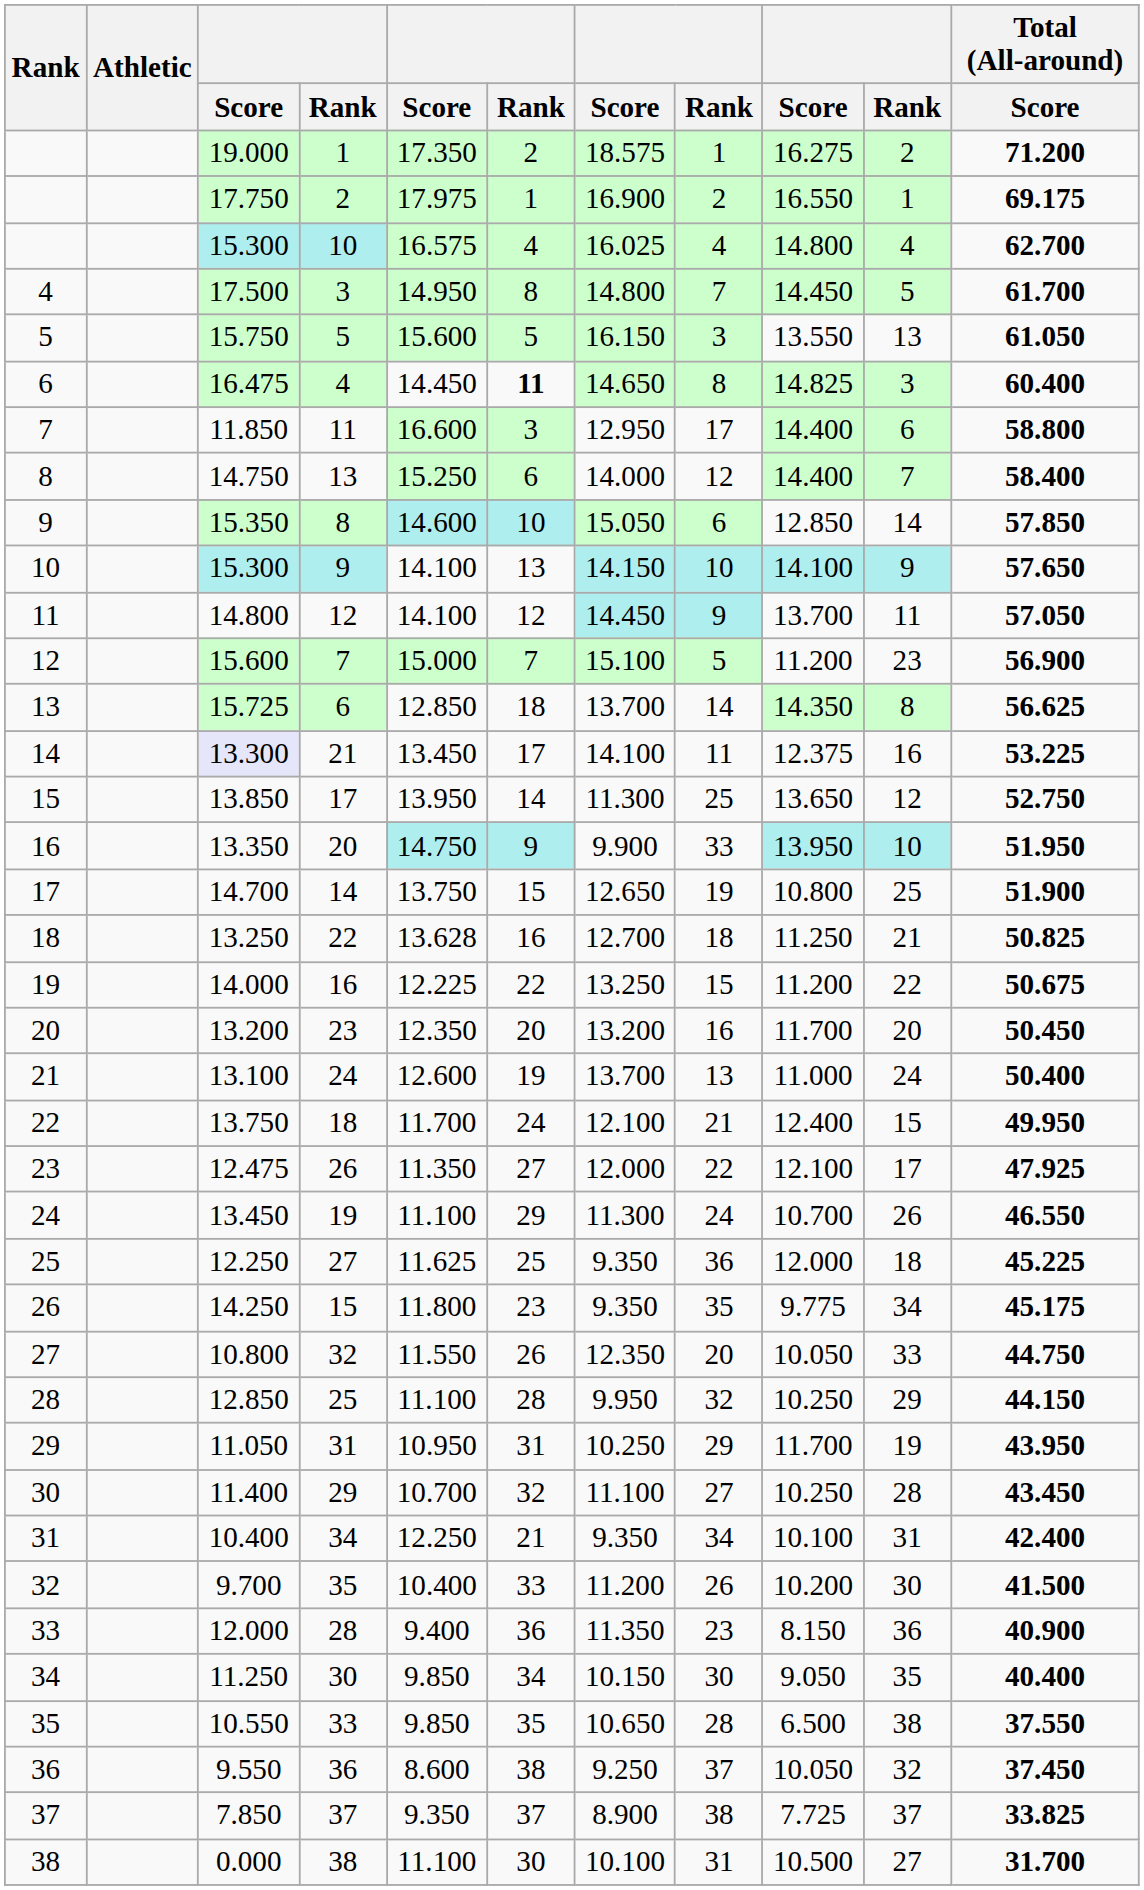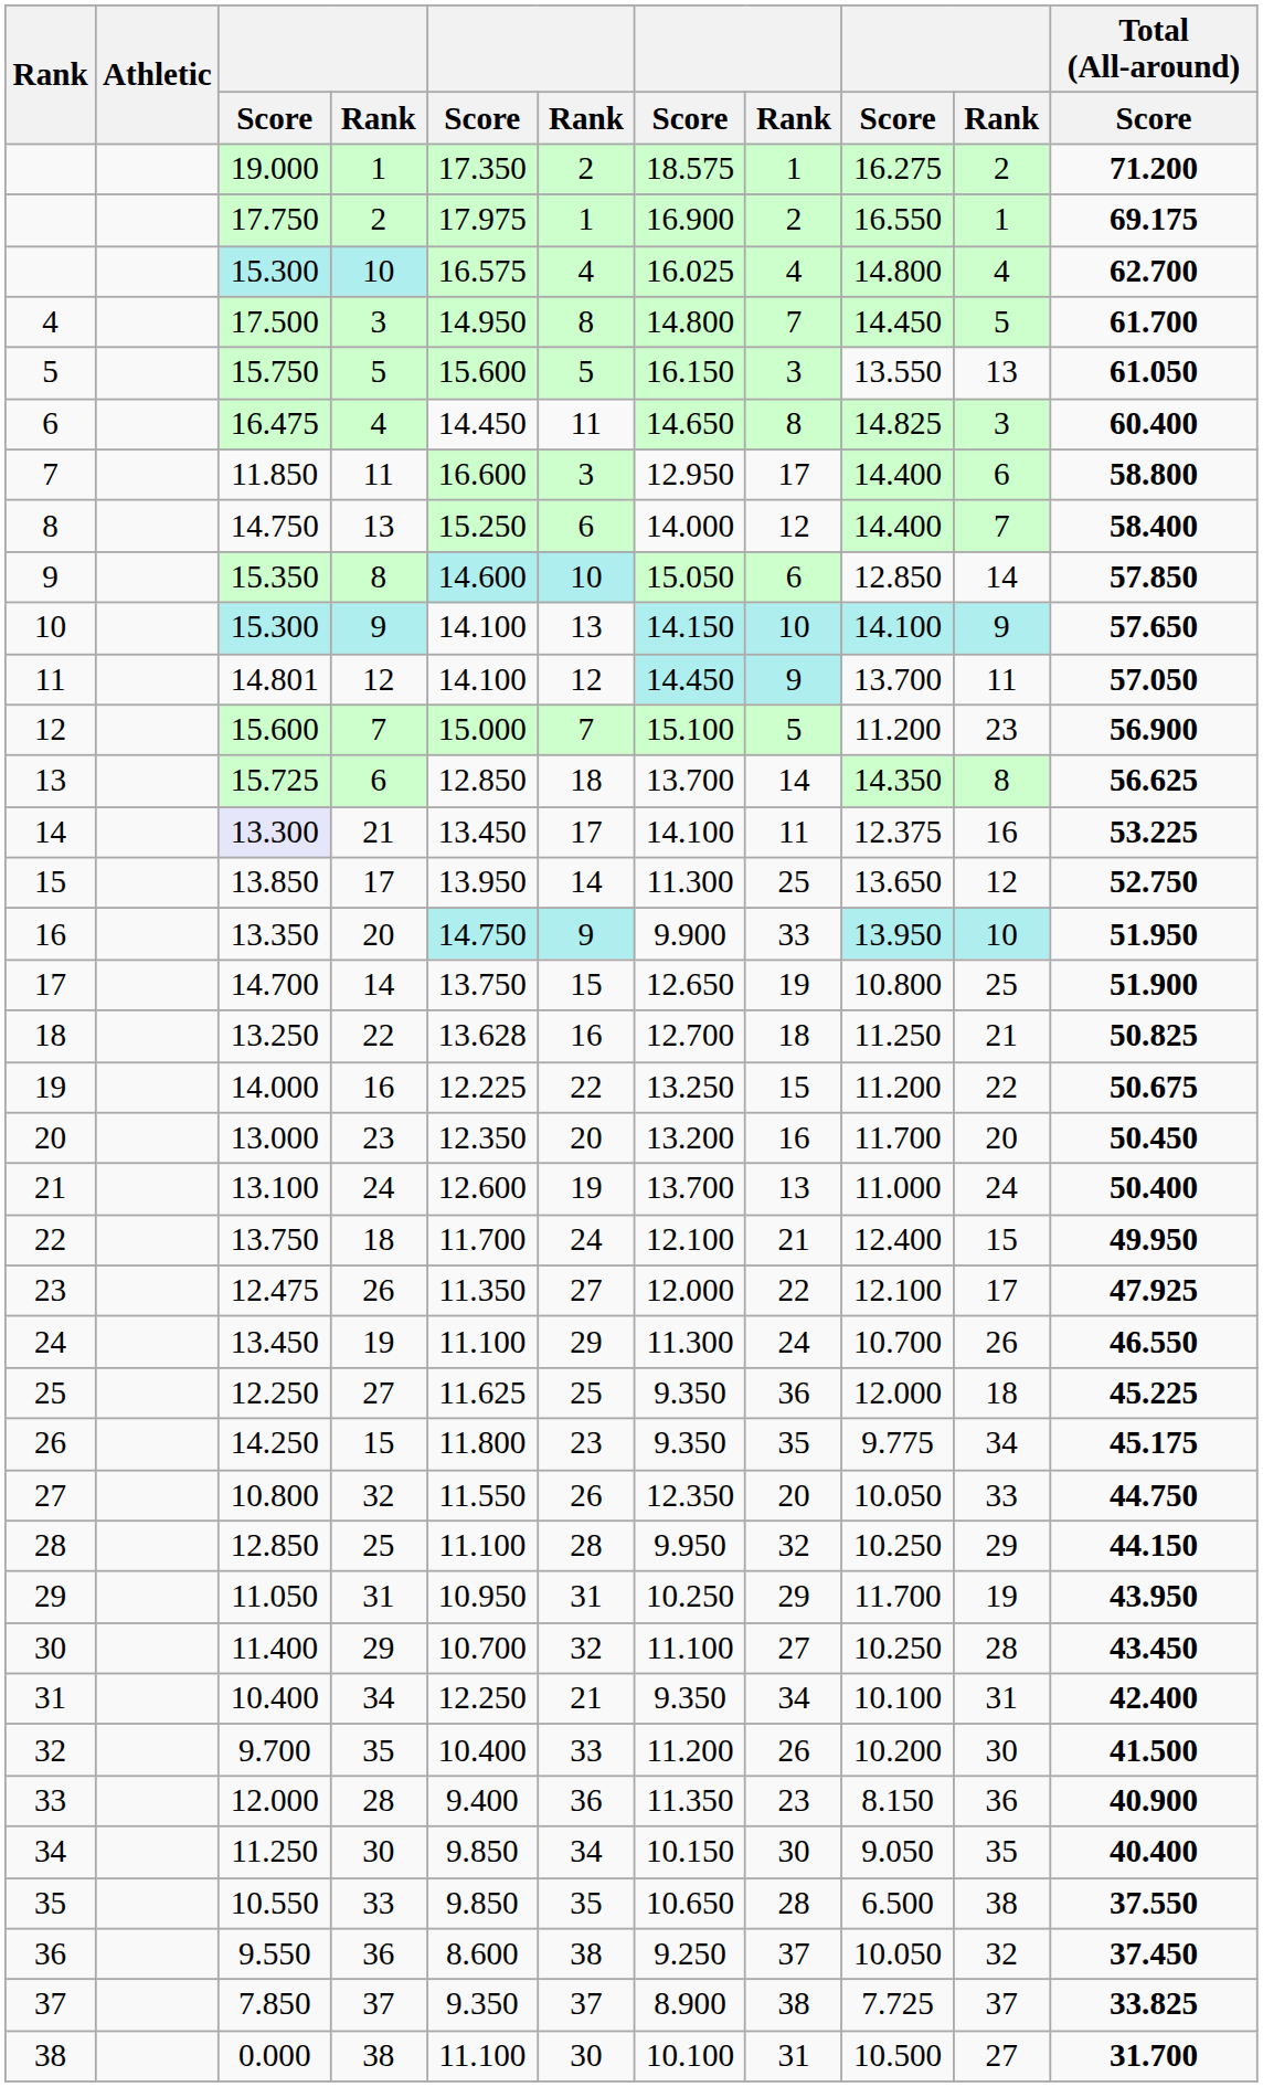 <table class="wikitable" style="text-align:center">
 <tr>
 <th rowspan="2">Rank</th>
 <th rowspan="2">Athletic</th>
 <th style="width:6em" colspan=2></th>
 <th style="width:6em" colspan=2></th>
 <th style="width:6em" colspan=2></th>
 <th style="width:6em" colspan=2></th>
 <th style="width:6em" colspan=2>Total<br>(All-around)</th>
 </tr>
 <tr>
 <th>Score</th>
 <th>Rank</th>
 <th>Score</th>
 <th>Rank</th>
 <th>Score</th>
 <th>Rank</th>
 <th>Score</th>
 <th>Rank</th>
 <th>Score</th>
 </tr>
 <tr>
 <td></td>
 <td align="left"></td>
 <td bgcolor="#ccffcc">19.000</td>
 <td bgcolor="#ccffcc">1</td>
 <td bgcolor="#ccffcc">17.350</td>
 <td bgcolor="#ccffcc">2</td>
 <td bgcolor="#ccffcc">18.575</td>
 <td bgcolor="#ccffcc">1</td>
 <td bgcolor="#ccffcc">16.275</td>
 <td bgcolor="#ccffcc">2</td>
 <td><strong>71.200</strong></td>
 </tr>
 <tr>
 <td></td>
 <td align="left"></td>
 <td bgcolor="#ccffcc">17.750</td>
 <td bgcolor="#ccffcc">2</td>
 <td bgcolor="#ccffcc">17.975</td>
 <td bgcolor="#ccffcc">1</td>
 <td bgcolor="#ccffcc">16.900</td>
 <td bgcolor="#ccffcc">2</td>
 <td bgcolor="#ccffcc">16.550</td>
 <td bgcolor="#ccffcc">1</td>
 <td><strong>69.175</strong></td>
 </tr>
 <tr>
 <td></td>
 <td align="left"></td>
 <td bgcolor="#afeeee">15.300</td>
 <td bgcolor="#afeeee">10</td>
 <td bgcolor="#ccffcc">16.575</td>
 <td bgcolor="#ccffcc">4</td>
 <td bgcolor="#ccffcc">16.025</td>
 <td bgcolor="#ccffcc">4</td>
 <td bgcolor="#ccffcc">14.800</td>
 <td bgcolor="#ccffcc">4</td>
 <td><strong>62.700</strong></td>
 </tr>
 <tr>
 <td>4</td>
 <td align="left"></td>
 <td bgcolor="#ccffcc">17.500</td>
 <td bgcolor="#ccffcc">3</td>
 <td bgcolor="#ccffcc">14.950</td>
 <td bgcolor="#ccffcc">8</td>
 <td bgcolor="#ccffcc">14.800</td>
 <td bgcolor="#ccffcc">7</td>
 <td bgcolor="#ccffcc">14.450</td>
 <td bgcolor="#ccffcc">5</td>
 <td><strong>61.700</strong></td>
 </tr>
 <tr>
 <td>5</td>
 <td align="left"></td>
 <td bgcolor="#ccffcc">15.750</td>
 <td bgcolor="#ccffcc">5</td>
 <td bgcolor="#ccffcc">15.600</td>
 <td bgcolor="#ccffcc">5</td>
 <td bgcolor="#ccffcc">16.150</td>
 <td bgcolor="#ccffcc">3</td>
 <td>13.550</td>
 <td>13</td>
 <td><strong>61.050</strong></td>
 </tr>
 <tr>
 <td>6</td>
 <td align="left"></td>
 <td bgcolor="#ccffcc">16.475</td>
 <td bgcolor="#ccffcc">4</td>
 <td>14.450</td>
-<td><strong>11</strong></td>
+<td>11</td>
 <td bgcolor="#ccffcc">14.650</td>
 <td bgcolor="#ccffcc">8</td>
 <td bgcolor="#ccffcc">14.825</td>
 <td bgcolor="#ccffcc">3</td>
 <td><strong>60.400</strong></td>
 </tr>
 <tr>
 <td>7</td>
 <td align="left"></td>
 <td>11.850</td>
 <td>11</td>
 <td bgcolor="#ccffcc">16.600</td>
 <td bgcolor="#ccffcc">3</td>
 <td>12.950</td>
 <td>17</td>
 <td bgcolor="#ccffcc">14.400</td>
 <td bgcolor="#ccffcc">6</td>
 <td><strong>58.800</strong></td>
 </tr>
 <tr>
 <td>8</td>
 <td align="left"></td>
 <td>14.750</td>
 <td>13</td>
 <td bgcolor="#ccffcc">15.250</td>
 <td bgcolor="#ccffcc">6</td>
 <td>14.000</td>
 <td>12</td>
 <td bgcolor="#ccffcc">14.400</td>
 <td bgcolor="#ccffcc">7</td>
 <td><strong>58.400</strong></td>
 </tr>
 <tr>
 <td>9</td>
 <td align="left"></td>
 <td bgcolor="#ccffcc">15.350</td>
 <td bgcolor="#ccffcc">8</td>
 <td bgcolor="#afeeee">14.600</td>
 <td bgcolor="#afeeee">10</td>
 <td bgcolor="#ccffcc">15.050</td>
 <td bgcolor="#ccffcc">6</td>
 <td>12.850</td>
 <td>14</td>
 <td><strong>57.850</strong></td>
 </tr>
 <tr>
 <td>10</td>
 <td align="left"></td>
 <td bgcolor="#afeeee">15.300</td>
 <td bgcolor="#afeeee">9</td>
 <td>14.100</td>
 <td>13</td>
 <td bgcolor="#afeeee">14.150</td>
 <td bgcolor="#afeeee">10</td>
 <td bgcolor="#afeeee">14.100</td>
 <td bgcolor="#afeeee">9</td>
 <td><strong>57.650</strong></td>
 </tr>
 <tr>
 <td>11</td>
 <td align="left"></td>
-<td>14.800</td>
+<td>14.801</td>
 <td>12</td>
 <td>14.100</td>
 <td>12</td>
 <td bgcolor="#afeeee">14.450</td>
 <td bgcolor="#afeeee">9</td>
 <td>13.700</td>
 <td>11</td>
 <td><strong>57.050</strong></td>
 </tr>
 <tr>
 <td>12</td>
 <td align="left"></td>
 <td bgcolor="#ccffcc">15.600</td>
 <td bgcolor="#ccffcc">7</td>
 <td bgcolor="#ccffcc">15.000</td>
 <td bgcolor="#ccffcc">7</td>
 <td bgcolor="#ccffcc">15.100</td>
 <td bgcolor="#ccffcc">5</td>
 <td>11.200</td>
 <td>23</td>
 <td><strong>56.900</strong></td>
 </tr>
 <tr>
 <td>13</td>
 <td align="left"></td>
 <td bgcolor="#ccffcc">15.725</td>
 <td bgcolor="#ccffcc">6</td>
 <td>12.850</td>
 <td>18</td>
 <td>13.700</td>
 <td>14</td>
 <td bgcolor="#ccffcc">14.350</td>
 <td bgcolor="#ccffcc">8</td>
 <td><strong>56.625</strong></td>
 </tr>
 <tr>
 <td>14</td>
 <td align="left"></td>
 <td style="background: lavender;">13.300</td>
 <td>21</td>
 <td>13.450</td>
 <td>17</td>
 <td>14.100</td>
 <td>11</td>
 <td>12.375</td>
 <td>16</td>
 <td><strong>53.225</strong></td>
 </tr>
 <tr>
 <td>15</td>
 <td align="left"></td>
 <td>13.850</td>
 <td>17</td>
 <td>13.950</td>
 <td>14</td>
 <td>11.300</td>
 <td>25</td>
 <td>13.650</td>
 <td>12</td>
 <td><strong>52.750</strong></td>
 </tr>
 <tr>
 <td>16</td>
 <td align="left"></td>
 <td>13.350</td>
 <td>20</td>
 <td bgcolor="#afeeee">14.750</td>
 <td bgcolor="#afeeee">9</td>
 <td>9.900</td>
 <td>33</td>
 <td bgcolor="#afeeee">13.950</td>
 <td bgcolor="#afeeee">10</td>
 <td><strong>51.950</strong></td>
 </tr>
 <tr>
 <td>17</td>
 <td align="left"></td>
 <td>14.700</td>
 <td>14</td>
 <td>13.750</td>
 <td>15</td>
 <td>12.650</td>
 <td>19</td>
 <td>10.800</td>
 <td>25</td>
 <td><strong>51.900</strong></td>
 </tr>
 <tr>
 <td>18</td>
 <td align="left"></td>
 <td>13.250</td>
 <td>22</td>
 <td>13.628</td>
 <td>16</td>
 <td>12.700</td>
 <td>18</td>
 <td>11.250</td>
 <td>21</td>
 <td><strong>50.825</strong></td>
 </tr>
 <tr>
 <td>19</td>
 <td align="left"></td>
 <td>14.000</td>
 <td>16</td>
 <td>12.225</td>
 <td>22</td>
 <td>13.250</td>
 <td>15</td>
 <td>11.200</td>
 <td>22</td>
 <td><strong>50.675</strong></td>
 </tr>
 <tr>
 <td>20</td>
 <td align="left"></td>
-<td>13.200</td>
+<td>13.000</td>
 <td>23</td>
 <td>12.350</td>
 <td>20</td>
 <td>13.200</td>
 <td>16</td>
 <td>11.700</td>
 <td>20</td>
 <td><strong>50.450</strong></td>
 </tr>
 <tr>
 <td>21</td>
 <td align="left"></td>
 <td>13.100</td>
 <td>24</td>
 <td>12.600</td>
 <td>19</td>
 <td>13.700</td>
 <td>13</td>
 <td>11.000</td>
 <td>24</td>
 <td><strong>50.400</strong></td>
 </tr>
 <tr>
 <td>22</td>
 <td align="left"></td>
 <td>13.750</td>
 <td>18</td>
 <td>11.700</td>
 <td>24</td>
 <td>12.100</td>
 <td>21</td>
 <td>12.400</td>
 <td>15</td>
 <td><strong>49.950</strong></td>
 </tr>
 <tr>
 <td>23</td>
 <td align="left"></td>
 <td>12.475</td>
 <td>26</td>
 <td>11.350</td>
 <td>27</td>
 <td>12.000</td>
 <td>22</td>
 <td>12.100</td>
 <td>17</td>
 <td><strong>47.925</strong></td>
 </tr>
 <tr>
 <td>24</td>
 <td align="left"></td>
 <td>13.450</td>
 <td>19</td>
 <td>11.100</td>
 <td>29</td>
 <td>11.300</td>
 <td>24</td>
 <td>10.700</td>
 <td>26</td>
 <td><strong>46.550</strong></td>
 </tr>
 <tr>
 <td>25</td>
 <td align="left"></td>
 <td>12.250</td>
 <td>27</td>
 <td>11.625</td>
 <td>25</td>
 <td>9.350</td>
 <td>36</td>
 <td>12.000</td>
 <td>18</td>
 <td><strong>45.225</strong></td>
 </tr>
 <tr>
 <td>26</td>
 <td align="left"></td>
 <td>14.250</td>
 <td>15</td>
 <td>11.800</td>
 <td>23</td>
 <td>9.350</td>
 <td>35</td>
 <td>9.775</td>
 <td>34</td>
 <td><strong>45.175</strong></td>
 </tr>
 <tr>
 <td>27</td>
 <td align="left"></td>
 <td>10.800</td>
 <td>32</td>
 <td>11.550</td>
 <td>26</td>
 <td>12.350</td>
 <td>20</td>
 <td>10.050</td>
 <td>33</td>
 <td><strong>44.750</strong></td>
 </tr>
 <tr>
 <td>28</td>
 <td align="left"></td>
 <td>12.850</td>
 <td>25</td>
 <td>11.100</td>
 <td>28</td>
 <td>9.950</td>
 <td>32</td>
 <td>10.250</td>
 <td>29</td>
 <td><strong>44.150</strong></td>
 </tr>
 <tr>
 <td>29</td>
 <td align="left"></td>
 <td>11.050</td>
 <td>31</td>
 <td>10.950</td>
 <td>31</td>
 <td>10.250</td>
 <td>29</td>
 <td>11.700</td>
 <td>19</td>
 <td><strong>43.950</strong></td>
 </tr>
 <tr>
 <td>30</td>
 <td align="left"></td>
 <td>11.400</td>
 <td>29</td>
 <td>10.700</td>
 <td>32</td>
 <td>11.100</td>
 <td>27</td>
 <td>10.250</td>
 <td>28</td>
 <td><strong>43.450</strong></td>
 </tr>
 <tr>
 <td>31</td>
 <td align="left"></td>
 <td>10.400</td>
 <td>34</td>
 <td>12.250</td>
 <td>21</td>
 <td>9.350</td>
 <td>34</td>
 <td>10.100</td>
 <td>31</td>
 <td><strong>42.400</strong></td>
 </tr>
 <tr>
 <td>32</td>
 <td align="left"></td>
 <td>9.700</td>
 <td>35</td>
 <td>10.400</td>
 <td>33</td>
 <td>11.200</td>
 <td>26</td>
 <td>10.200</td>
 <td>30</td>
 <td><strong>41.500</strong></td>
 </tr>
 <tr>
 <td>33</td>
 <td align="left"></td>
 <td>12.000</td>
 <td>28</td>
 <td>9.400</td>
 <td>36</td>
 <td>11.350</td>
 <td>23</td>
 <td>8.150</td>
 <td>36</td>
 <td><strong>40.900</strong></td>
 </tr>
 <tr>
 <td>34</td>
 <td align="left"></td>
 <td>11.250</td>
 <td>30</td>
 <td>9.850</td>
 <td>34</td>
 <td>10.150</td>
 <td>30</td>
 <td>9.050</td>
 <td>35</td>
 <td><strong>40.400</strong></td>
 </tr>
 <tr>
 <td>35</td>
 <td align="left"></td>
 <td>10.550</td>
 <td>33</td>
 <td>9.850</td>
 <td>35</td>
 <td>10.650</td>
 <td>28</td>
 <td>6.500</td>
 <td>38</td>
 <td><strong>37.550</strong></td>
 </tr>
 <tr>
 <td>36</td>
 <td align="left"></td>
 <td>9.550</td>
 <td>36</td>
 <td>8.600</td>
 <td>38</td>
 <td>9.250</td>
 <td>37</td>
 <td>10.050</td>
 <td>32</td>
 <td><strong>37.450</strong></td>
 </tr>
 <tr>
 <td>37</td>
 <td align="left"></td>
 <td>7.850</td>
 <td>37</td>
 <td>9.350</td>
 <td>37</td>
 <td>8.900</td>
 <td>38</td>
 <td>7.725</td>
 <td>37</td>
 <td><strong>33.825</strong></td>
 </tr>
 <tr>
 <td>38</td>
 <td align="left"></td>
 <td>0.000</td>
 <td>38</td>
 <td>11.100</td>
 <td>30</td>
 <td>10.100</td>
 <td>31</td>
 <td>10.500</td>
 <td>27</td>
 <td><strong>31.700</strong></td>
 </tr>
 </table>
